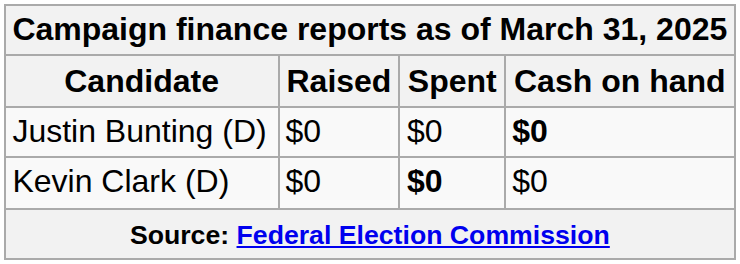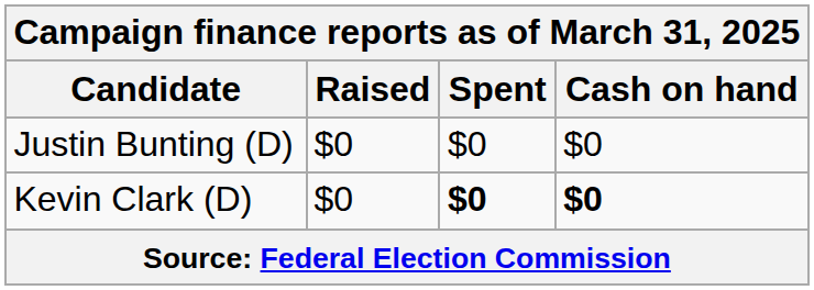 <table class="wikitable sortable">
 <tr>
 <th colspan=4>Campaign finance reports as of March 31, 2025</th>
 </tr>
 <tr style="text-align:center;">
 <th>Candidate</th>
 <th>Raised</th>
 <th>Spent</th>
 <th>Cash on hand</th>
 </tr>
 <tr>
 <td>Justin Bunting (D)</td>
 <td>$0</td>
 <td>$0</td>
-<td><strong>$0</strong></td>
+<td>$0</td>
 </tr>
 <tr>
 </tr>
 <tr>
 <td>Kevin Clark (D)</td>
 <td>$0</td>
 <td><strong>$0</strong></td>
-<td>$0</td>
+<td><strong>$0</strong></td>
 </tr>
 <tr>
 <th colspan="4"><small>Source: <a href='#'>Federal Election Commission</a></small></th>
 </tr>
 </table>
